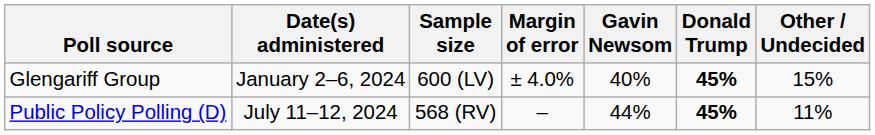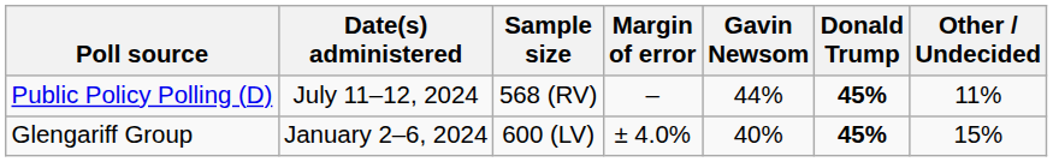 <table class="wikitable sortable mw-datatable" style="font-size:90%;text-align:center;line-height:17px">
 <tr style="vertical-align:bottom">
 <th>Poll source</th>
 <th>Date(s)<br>administered</th>
 <th>Sample<br>size</th>
 <th>Margin<br>of error</th>
 <th class="unsortable">Gavin<br>Newsom<br></th>
 <th class="unsortable">Donald<br>Trump<br></th>
 <th class="unsortable">Other /<br>Undecided</th>
 </tr>
 <tr>
+<td style="text-align:left;"><a href='#'>Public Policy Polling (D)</a></td>
+<td data-sort-value="2024-07-22">July 11–12, 2024</td>
+<td>568 (RV)</td>
+<td>–</td>
+<td>44%</td>
+<td style="background-color:"><strong>45%</strong></td>
+<td>11%</td>
+</tr>
+<tr>
 <td style="text-align:left;">Glengariff Group</td>
 <td data-sort-value="2024-01-07">January 2–6, 2024</td>
 <td>600 (LV)</td>
 <td>± 4.0%</td>
 <td>40%</td>
 <td style="background-color:"><strong>45%</strong></td>
 <td>15%</td>
 </tr>
-<tr>
-<td style="text-align:left;"><a href='#'>Public Policy Polling (D)</a></td>
-<td data-sort-value="2024-07-22">July 11–12, 2024</td>
-<td>568 (RV)</td>
-<td>–</td>
-<td>44%</td>
-<td style="background-color:"><strong>45%</strong></td>
-<td>11%</td>
-</tr>
 </table>
